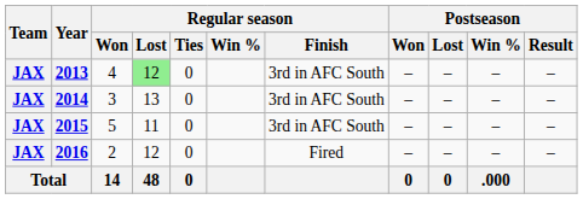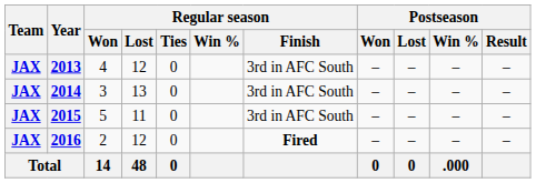 <table class="wikitable" style="font-size: 95%; text-align:center;">
 <tr>
 <th rowspan="2">Team</th>
 <th rowspan="2">Year</th>
 <th colspan="5">Regular season</th>
 <th colspan="4">Postseason</th>
 </tr>
 <tr>
 <th>Won</th>
 <th>Lost</th>
 <th>Ties</th>
 <th>Win %</th>
 <th>Finish</th>
 <th>Won</th>
 <th>Lost</th>
 <th>Win %</th>
 <th>Result</th>
 </tr>
 <tr>
 <th><a href='#'>JAX</a></th>
 <th><a href='#'>2013</a></th>
 <td>4</td>
-<td style="background: lightgreen;">12</td>
+<td>12</td>
 <td>0</td>
 <td></td>
 <td>3rd in AFC South</td>
 <td>–</td>
 <td>–</td>
 <td>–</td>
 <td>–</td>
 </tr>
 <tr>
 <th><a href='#'>JAX</a></th>
 <th><a href='#'>2014</a></th>
 <td>3</td>
 <td>13</td>
 <td>0</td>
 <td></td>
 <td>3rd in AFC South</td>
 <td>–</td>
 <td>–</td>
 <td>–</td>
 <td>–</td>
 </tr>
 <tr>
 <th><a href='#'>JAX</a></th>
 <th><a href='#'>2015</a></th>
 <td>5</td>
 <td>11</td>
 <td>0</td>
 <td></td>
 <td>3rd in AFC South</td>
 <td>–</td>
 <td>–</td>
 <td>–</td>
 <td>–</td>
 </tr>
 <tr>
 <th><a href='#'>JAX</a></th>
 <th><a href='#'>2016</a></th>
 <td>2</td>
 <td>12</td>
 <td>0</td>
 <td></td>
-<td>Fired</td>
+<td><strong>Fired</strong></td>
 <td>–</td>
 <td>–</td>
 <td>–</td>
 <td>–</td>
 </tr>
 <tr>
 <th colspan="2">Total</th>
 <th>14</th>
 <th>48</th>
 <th>0</th>
 <th></th>
 <th></th>
 <th>0</th>
 <th>0</th>
 <th>.000</th>
 <th></th>
 </tr>
 </table>
